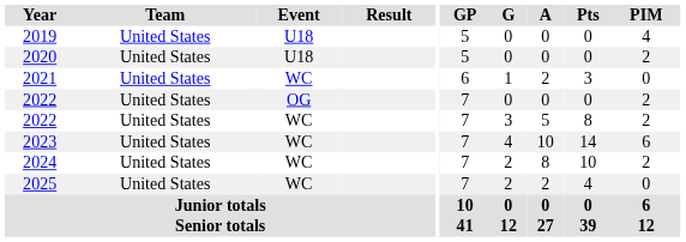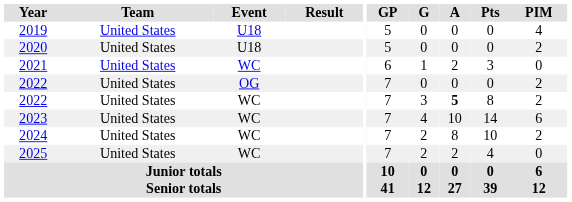 <table border="0" cellpadding="1" cellspacing="0" ID="Table3" style="text-align:center; width:40em">
 <tr ALIGN="center" bgcolor="#e0e0e0">
 <th>Year</th>
 <th>Team</th>
 <th>Event</th>
 <th>Result</th>
 <th rowspan="99" bgcolor="#ffffff"></th>
 <th>GP</th>
 <th>G</th>
 <th>A</th>
 <th>Pts</th>
 <th>PIM</th>
 </tr>
 <tr>
 <td><a href='#'>2019</a></td>
 <td><a href='#'>United States</a></td>
 <td><a href='#'>U18</a></td>
 <td></td>
 <td>5</td>
 <td>0</td>
 <td>0</td>
 <td>0</td>
 <td>4</td>
 </tr>
 <tr bgcolor="#f0f0f0">
 <td><a href='#'>2020</a></td>
 <td>United States</td>
 <td>U18</td>
 <td></td>
 <td>5</td>
 <td>0</td>
 <td>0</td>
 <td>0</td>
 <td>2</td>
 </tr>
 <tr>
 <td><a href='#'>2021</a></td>
 <td><a href='#'>United States</a></td>
 <td><a href='#'>WC</a></td>
 <td></td>
 <td>6</td>
 <td>1</td>
 <td>2</td>
 <td>3</td>
 <td>0</td>
 </tr>
 <tr bgcolor="#f0f0f0">
 <td><a href='#'>2022</a></td>
 <td>United States</td>
 <td><a href='#'>OG</a></td>
 <td></td>
 <td>7</td>
 <td>0</td>
 <td>0</td>
 <td>0</td>
 <td>2</td>
 </tr>
 <tr>
 <td><a href='#'>2022</a></td>
 <td>United States</td>
 <td>WC</td>
 <td></td>
 <td>7</td>
 <td>3</td>
-<td>5</td>
+<td><strong>5</strong></td>
 <td>8</td>
 <td>2</td>
 </tr>
 <tr bgcolor="#f0f0f0">
 <td><a href='#'>2023</a></td>
 <td>United States</td>
 <td>WC</td>
 <td></td>
 <td>7</td>
 <td>4</td>
 <td>10</td>
 <td>14</td>
 <td>6</td>
 </tr>
 <tr>
 <td><a href='#'>2024</a></td>
 <td>United States</td>
 <td>WC</td>
 <td></td>
 <td>7</td>
 <td>2</td>
 <td>8</td>
 <td>10</td>
 <td>2</td>
 </tr>
 <tr bgcolor="#f0f0f0">
 <td><a href='#'>2025</a></td>
 <td>United States</td>
 <td>WC</td>
 <td></td>
 <td>7</td>
 <td>2</td>
 <td>2</td>
 <td>4</td>
 <td>0</td>
 </tr>
 <tr bgcolor="#e0e0e0">
 <th colspan="4">Junior totals</th>
 <th>10</th>
 <th>0</th>
 <th>0</th>
 <th>0</th>
 <th>6</th>
 </tr>
 <tr bgcolor="#e0e0e0">
 <th colspan="4">Senior totals</th>
 <th>41</th>
 <th>12</th>
 <th>27</th>
 <th>39</th>
 <th>12</th>
 </tr>
 </table>
